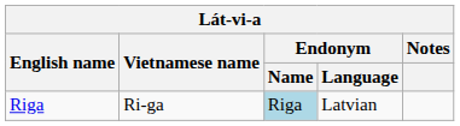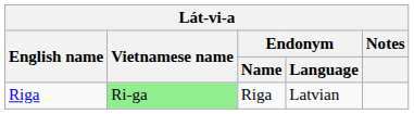 <table class="wikitable sortable">
 <tr>
 <th colspan="5"> Lát-vi-a</th>
 </tr>
 <tr>
 <th rowspan="2">English name</th>
 <th rowspan="2">Vietnamese name</th>
 <th colspan="2">Endonym</th>
 <th>Notes</th>
 </tr>
 <tr>
 <th>Name</th>
 <th>Language</th>
 <th></th>
 </tr>
 <tr>
 <td><a href='#'>Riga</a></td>
-<td>Ri-ga</td>
-<td style="background: lightblue;">Riga</td>
+<td style="background: lightgreen;">Ri-ga</td>
+<td>Riga</td>
 <td>Latvian</td>
 <td></td>
 </tr>
 </table>
